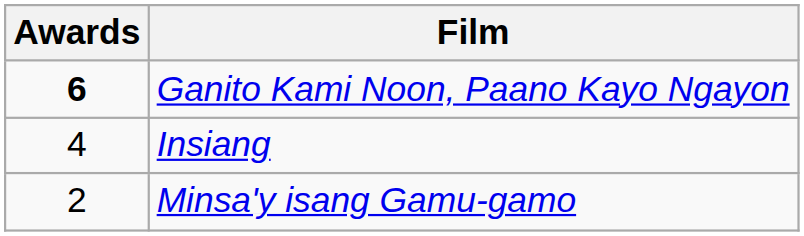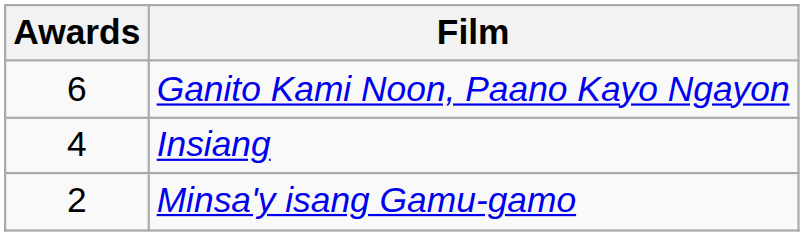 <table class="wikitable" style="text-align:center">
 <tr>
 <th scope="col">Awards</th>
 <th scope="col">Film</th>
 </tr>
 <tr>
-<td><strong>6</strong></td>
+<td>6</td>
 <td align=left><em><a href='#'>Ganito Kami Noon, Paano Kayo Ngayon</a></em></td>
 </tr>
 <tr>
 <td>4</td>
 <td align=left><em><a href='#'>Insiang</a></em></td>
 </tr>
 <tr>
 <td>2</td>
 <td align=left><em><a href='#'>Minsa'y isang Gamu-gamo</a></em></td>
 </tr>
 </table>
